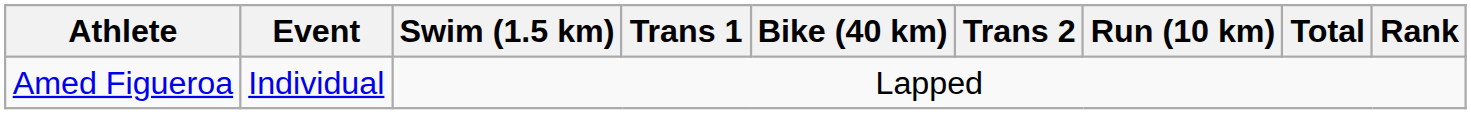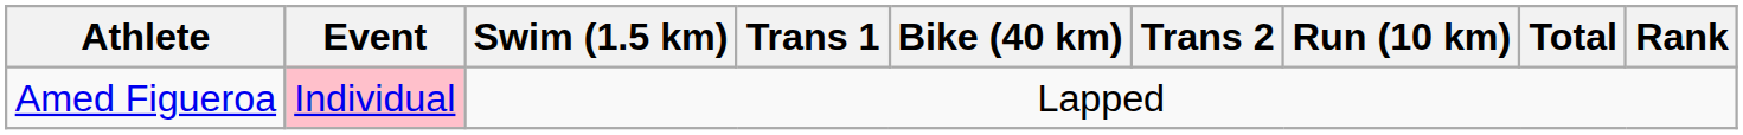 <table class="wikitable" style="font-size:90%">
 <tr>
 <th>Athlete</th>
 <th>Event</th>
 <th>Swim (1.5 km)</th>
 <th>Trans 1</th>
 <th>Bike (40 km)</th>
 <th>Trans 2</th>
 <th>Run (10 km)</th>
 <th>Total</th>
 <th>Rank</th>
 </tr>
 <tr>
 <td><a href='#'>Amed Figueroa</a></td>
-<td><a href='#'>Individual</a></td>
+<td style="background: pink;"><a href='#'>Individual</a></td>
 <td colspan="7" align=center>Lapped</td>
 </tr>
 </table>
